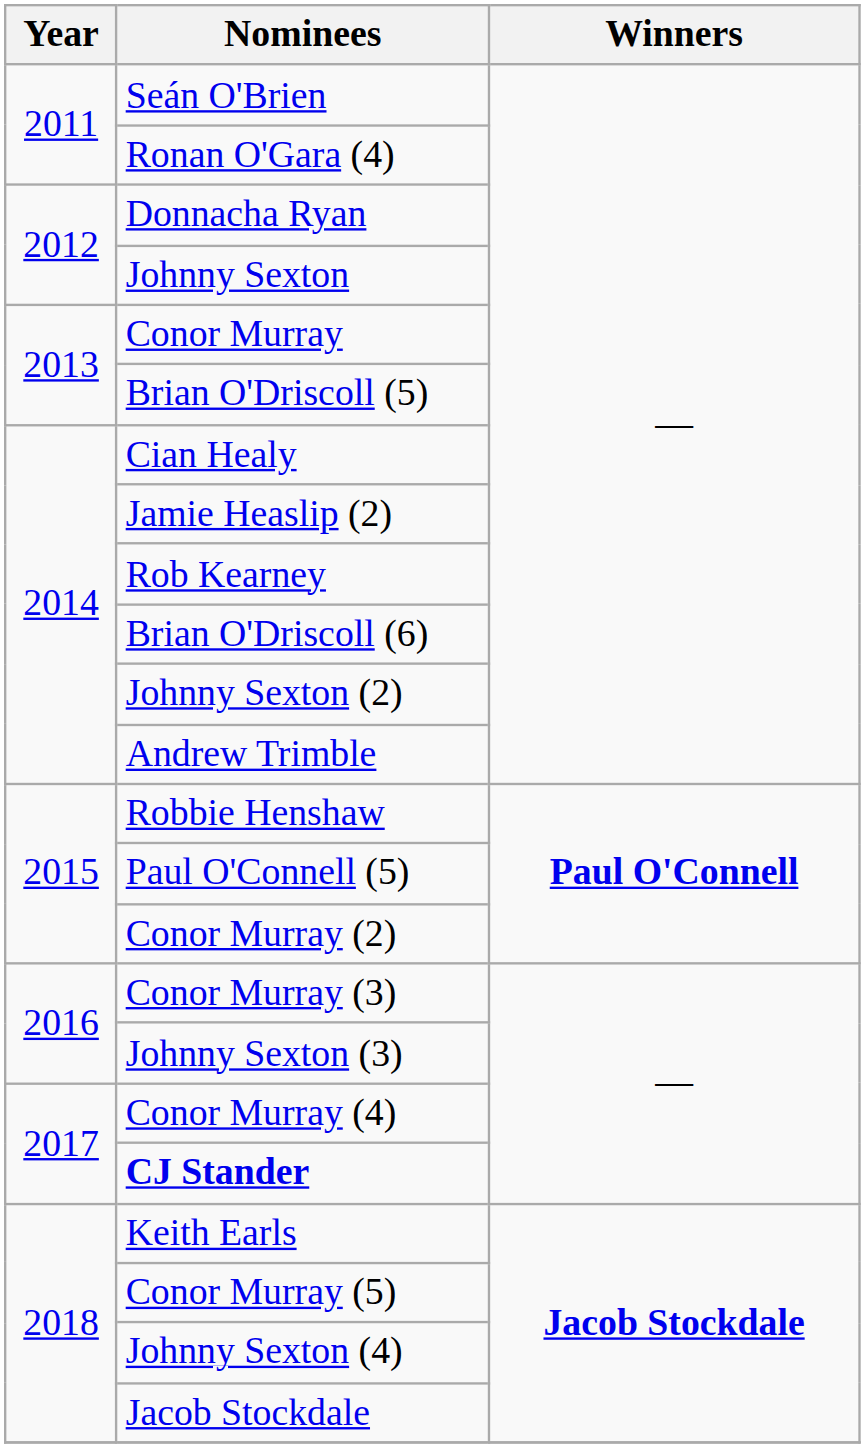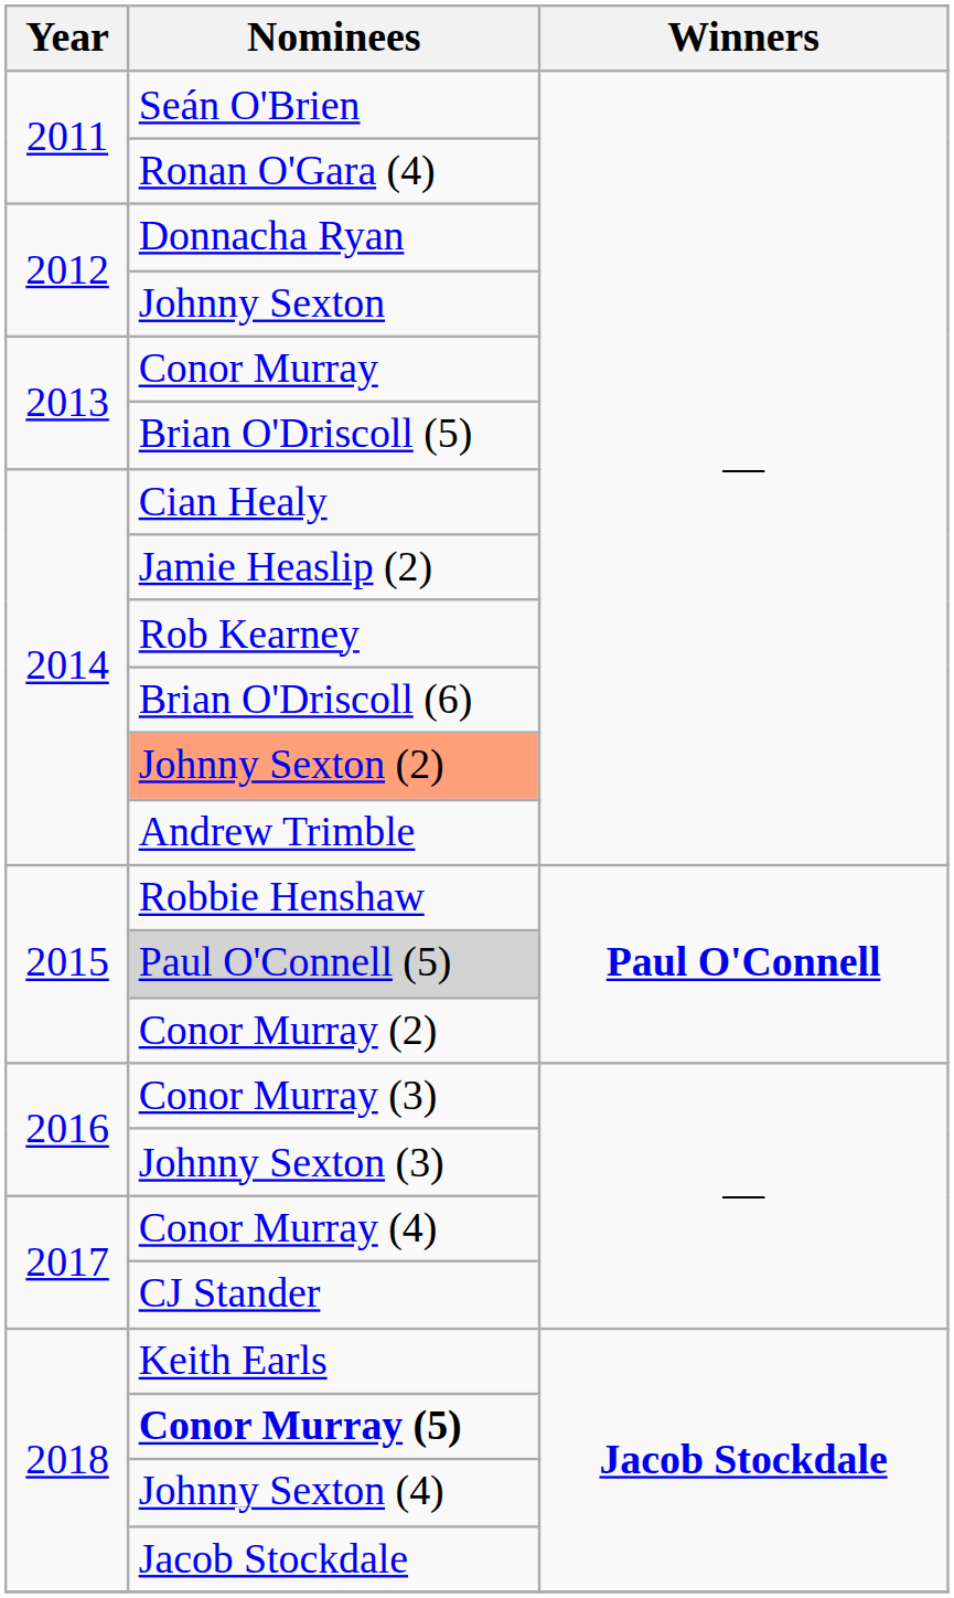 <table class="wikitable">
 <tr>
 <th width=40>Year</th>
 <th width=150>Nominees</th>
 <th width=150>Winners</th>
 </tr>
 <tr>
 <td align=center rowspan=2><a href='#'>2011</a></td>
 <td><a href='#'>Seán O'Brien</a></td>
 <td align=center rowspan=12>—</td>
 </tr>
 <tr>
 <td><a href='#'>Ronan O'Gara</a> (4)</td>
 </tr>
 <tr>
 <td align=center rowspan=2><a href='#'>2012</a></td>
 <td><a href='#'>Donnacha Ryan</a></td>
 </tr>
 <tr>
 <td><a href='#'>Johnny Sexton</a></td>
 </tr>
 <tr>
 <td align=center rowspan=2><a href='#'>2013</a></td>
 <td><a href='#'>Conor Murray</a></td>
 </tr>
 <tr>
 <td><a href='#'>Brian O'Driscoll</a> (5)</td>
 </tr>
 <tr>
 <td align=center rowspan=6><a href='#'>2014</a></td>
 <td><a href='#'>Cian Healy</a></td>
 </tr>
 <tr>
 <td><a href='#'>Jamie Heaslip</a> (2)</td>
 </tr>
 <tr>
 <td><a href='#'>Rob Kearney</a></td>
 </tr>
 <tr>
 <td><a href='#'>Brian O'Driscoll</a> (6)</td>
 </tr>
 <tr>
-<td><a href='#'>Johnny Sexton</a> (2)</td>
+<td style="background: lightsalmon;"><a href='#'>Johnny Sexton</a> (2)</td>
 </tr>
 <tr>
 <td><a href='#'>Andrew Trimble</a></td>
 </tr>
 <tr>
 <td align=center rowspan=3><a href='#'>2015</a></td>
 <td><a href='#'>Robbie Henshaw</a></td>
 <td align=center rowspan=3><strong><a href='#'>Paul O'Connell</a></strong></td>
 </tr>
 <tr>
-<td><a href='#'>Paul O'Connell</a> (5)</td>
+<td style="background: lightgrey;"><a href='#'>Paul O'Connell</a> (5)</td>
 </tr>
 <tr>
 <td><a href='#'>Conor Murray</a> (2)</td>
 </tr>
 <tr>
 <td align=center rowspan=2><a href='#'>2016</a></td>
 <td><a href='#'>Conor Murray</a> (3)</td>
 <td align=center rowspan=4>—</td>
 </tr>
 <tr>
 <td><a href='#'>Johnny Sexton</a> (3)</td>
 </tr>
 <tr>
 <td align=center rowspan=2><a href='#'>2017</a></td>
 <td><a href='#'>Conor Murray</a> (4)</td>
 </tr>
 <tr>
-<td><strong><a href='#'>CJ Stander</a></strong></td>
+<td><a href='#'>CJ Stander</a></td>
 </tr>
 <tr>
 <td align=center rowspan=4><a href='#'>2018</a></td>
 <td><a href='#'>Keith Earls</a></td>
 <td align=center rowspan=4><strong><a href='#'>Jacob Stockdale</a></strong></td>
 </tr>
 <tr>
-<td><a href='#'>Conor Murray</a> (5)</td>
+<td><strong><a href='#'>Conor Murray</a> (5)</strong></td>
 </tr>
 <tr>
 <td><a href='#'>Johnny Sexton</a> (4)</td>
 </tr>
 <tr>
 <td><a href='#'>Jacob Stockdale</a></td>
 </tr>
 <tr>
 </tr>
 </table>
